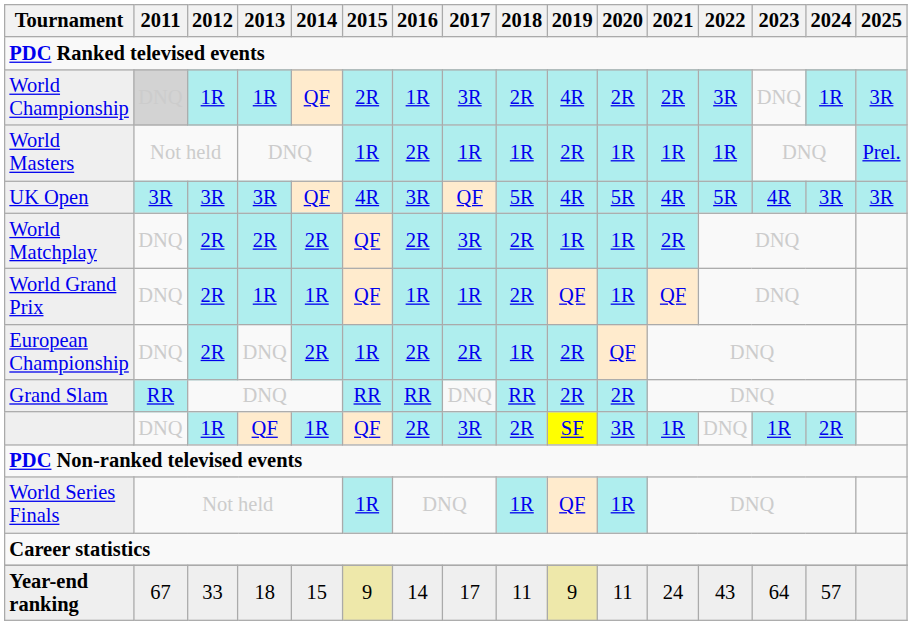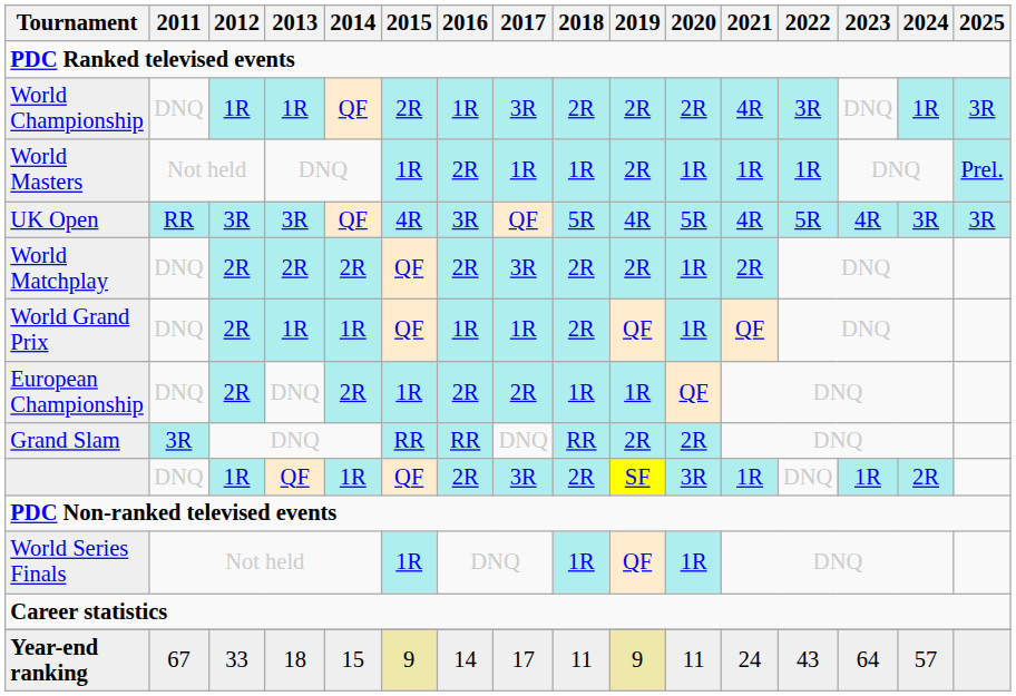 <table class="wikitable" style="width:50%; margin:0">
 <tr>
 <th>Tournament</th>
 <th>2011</th>
 <th>2012</th>
 <th>2013</th>
 <th>2014</th>
 <th>2015</th>
 <th>2016</th>
 <th>2017</th>
 <th>2018</th>
 <th>2019</th>
 <th>2020</th>
 <th>2021</th>
 <th>2022</th>
 <th>2023</th>
 <th>2024</th>
 <th>2025</th>
 </tr>
 <tr>
 <td colspan="31" align="left"><strong><a href='#'>PDC</a> Ranked televised events</strong></td>
 </tr>
 <tr>
 <td style="background:#efefef;"><a href='#'>World Championship</a></td>
-<td style="background: lightgrey; text-align:center; color:#ccc;">DNQ</td>
+<td style="text-align:center; color:#ccc;">DNQ</td>
 <td style="text-align:center; background:#afeeee;"><a href='#'>1R</a></td>
 <td style="text-align:center; background:#afeeee;"><a href='#'>1R</a></td>
 <td style="text-align:center; background:#ffebcd;"><a href='#'>QF</a></td>
 <td style="text-align:center; background:#afeeee;"><a href='#'>2R</a></td>
 <td style="text-align:center; background:#afeeee;"><a href='#'>1R</a></td>
 <td style="text-align:center; background:#afeeee;"><a href='#'>3R</a></td>
 <td style="text-align:center; background:#afeeee;"><a href='#'>2R</a></td>
-<td style="text-align:center; background:#afeeee;"><a href='#'>4R</a></td>
 <td style="text-align:center; background:#afeeee;"><a href='#'>2R</a></td>
 <td style="text-align:center; background:#afeeee;"><a href='#'>2R</a></td>
+<td style="text-align:center; background:#afeeee;"><a href='#'>4R</a></td>
 <td style="text-align:center; background:#afeeee;"><a href='#'>3R</a></td>
 <td style="text-align:center; color:#ccc;">DNQ</td>
 <td style="text-align:center; background:#afeeee;"><a href='#'>1R</a></td>
 <td style="text-align:center; background:#afeeee;"><a href='#'>3R</a></td>
 </tr>
 <tr>
 <td style="background:#efefef;"><a href='#'>World Masters</a></td>
 <td colspan="2" style="text-align:center; color:#ccc;">Not held</td>
 <td colspan="2" style="text-align:center; color:#ccc;">DNQ</td>
 <td style="text-align:center; background:#afeeee;"><a href='#'>1R</a></td>
 <td style="text-align:center; background:#afeeee;"><a href='#'>2R</a></td>
 <td style="text-align:center; background:#afeeee;"><a href='#'>1R</a></td>
 <td style="text-align:center; background:#afeeee;"><a href='#'>1R</a></td>
 <td style="text-align:center; background:#afeeee;"><a href='#'>2R</a></td>
 <td style="text-align:center; background:#afeeee;"><a href='#'>1R</a></td>
 <td style="text-align:center; background:#afeeee;"><a href='#'>1R</a></td>
 <td style="text-align:center; background:#afeeee;"><a href='#'>1R</a></td>
 <td colspan="2" style="text-align:center; color:#ccc;">DNQ</td>
 <td style="text-align:center; background:#afeeee;"><a href='#'>Prel.</a></td>
 </tr>
 <tr>
 <td style="background:#efefef;"><a href='#'>UK Open</a></td>
-<td style="text-align:center; background:#afeeee;"><a href='#'>3R</a></td>
+<td style="text-align:center; background:#afeeee;"><a href='#'>RR</a></td>
 <td style="text-align:center; background:#afeeee;"><a href='#'>3R</a></td>
 <td style="text-align:center; background:#afeeee;"><a href='#'>3R</a></td>
 <td style="text-align:center; background:#ffebcd;"><a href='#'>QF</a></td>
 <td style="text-align:center; background:#afeeee;"><a href='#'>4R</a></td>
 <td style="text-align:center; background:#afeeee;"><a href='#'>3R</a></td>
 <td style="text-align:center; background:#ffebcd;"><a href='#'>QF</a></td>
 <td style="text-align:center; background:#afeeee;"><a href='#'>5R</a></td>
 <td style="text-align:center; background:#afeeee;"><a href='#'>4R</a></td>
 <td style="text-align:center; background:#afeeee;"><a href='#'>5R</a></td>
 <td style="text-align:center; background:#afeeee;"><a href='#'>4R</a></td>
 <td style="text-align:center; background:#afeeee;"><a href='#'>5R</a></td>
 <td style="text-align:center; background:#afeeee;"><a href='#'>4R</a></td>
 <td style="text-align:center; background:#afeeee;"><a href='#'>3R</a></td>
 <td style="text-align:center; background:#afeeee;"><a href='#'>3R</a></td>
 </tr>
 <tr>
 <td style="background:#efefef;"><a href='#'>World Matchplay</a></td>
 <td style="text-align:center; color:#ccc;">DNQ</td>
 <td style="text-align:center; background:#afeeee;"><a href='#'>2R</a></td>
 <td style="text-align:center; background:#afeeee;"><a href='#'>2R</a></td>
 <td style="text-align:center; background:#afeeee;"><a href='#'>2R</a></td>
 <td style="text-align:center; background:#ffebcd;"><a href='#'>QF</a></td>
 <td style="text-align:center; background:#afeeee;"><a href='#'>2R</a></td>
 <td style="text-align:center; background:#afeeee;"><a href='#'>3R</a></td>
 <td style="text-align:center; background:#afeeee;"><a href='#'>2R</a></td>
-<td style="text-align:center; background:#afeeee;"><a href='#'>1R</a></td>
+<td style="text-align:center; background:#afeeee;"><a href='#'>2R</a></td>
 <td style="text-align:center; background:#afeeee;"><a href='#'>1R</a></td>
 <td style="text-align:center; background:#afeeee;"><a href='#'>2R</a></td>
 <td colspan="3" style="text-align:center; color:#ccc;">DNQ</td>
 <td></td>
 </tr>
 <tr>
 <td style="background:#efefef;"><a href='#'>World Grand Prix</a></td>
 <td style="text-align:center; color:#ccc;">DNQ</td>
 <td style="text-align:center; background:#afeeee;"><a href='#'>2R</a></td>
 <td style="text-align:center; background:#afeeee;"><a href='#'>1R</a></td>
 <td style="text-align:center; background:#afeeee;"><a href='#'>1R</a></td>
 <td style="text-align:center; background:#ffebcd;"><a href='#'>QF</a></td>
 <td style="text-align:center; background:#afeeee;"><a href='#'>1R</a></td>
 <td style="text-align:center; background:#afeeee;"><a href='#'>1R</a></td>
 <td style="text-align:center; background:#afeeee;"><a href='#'>2R</a></td>
 <td style="text-align:center; background:#ffebcd;"><a href='#'>QF</a></td>
 <td style="text-align:center; background:#afeeee;"><a href='#'>1R</a></td>
 <td style="text-align:center; background:#ffebcd;"><a href='#'>QF</a></td>
 <td colspan="3" style="text-align:center; color:#ccc;">DNQ</td>
 <td></td>
 </tr>
 <tr>
 <td style="background:#efefef;"><a href='#'>European Championship</a></td>
 <td style="text-align:center; color:#ccc;">DNQ</td>
 <td style="text-align:center; background:#afeeee;"><a href='#'>2R</a></td>
 <td style="text-align:center; color:#ccc;">DNQ</td>
 <td style="text-align:center; background:#afeeee;"><a href='#'>2R</a></td>
 <td style="text-align:center; background:#afeeee;"><a href='#'>1R</a></td>
 <td style="text-align:center; background:#afeeee;"><a href='#'>2R</a></td>
 <td style="text-align:center; background:#afeeee;"><a href='#'>2R</a></td>
 <td style="text-align:center; background:#afeeee;"><a href='#'>1R</a></td>
-<td style="text-align:center; background:#afeeee;"><a href='#'>2R</a></td>
+<td style="text-align:center; background:#afeeee;"><a href='#'>1R</a></td>
 <td style="text-align:center; background:#ffebcd;"><a href='#'>QF</a></td>
 <td colspan="4" style="text-align:center; color:#ccc;">DNQ</td>
 <td></td>
 </tr>
 <tr>
 <td style="background:#efefef;"><a href='#'>Grand Slam</a></td>
-<td style="text-align:center; background:#afeeee;"><a href='#'>RR</a></td>
+<td style="text-align:center; background:#afeeee;"><a href='#'>3R</a></td>
 <td colspan="3" style="text-align:center; color:#ccc;">DNQ</td>
 <td style="text-align:center; background:#afeeee;"><a href='#'>RR</a></td>
 <td style="text-align:center; background:#afeeee;"><a href='#'>RR</a></td>
 <td style="text-align:center; color:#ccc;">DNQ</td>
 <td style="text-align:center; background:#afeeee;"><a href='#'>RR</a></td>
 <td style="text-align:center; background:#afeeee;"><a href='#'>2R</a></td>
 <td style="text-align:center; background:#afeeee;"><a href='#'>2R</a></td>
 <td colspan="4" style="text-align:center; color:#ccc;">DNQ</td>
 <td></td>
 </tr>
 <tr>
 <td style="background:#efefef;"></td>
 <td style="text-align:center; color:#ccc;">DNQ</td>
 <td style="text-align:center; background:#afeeee;"><a href='#'>1R</a></td>
 <td style="text-align:center; background:#ffebcd;"><a href='#'>QF</a></td>
 <td style="text-align:center; background:#afeeee;"><a href='#'>1R</a></td>
 <td style="text-align:center; background:#ffebcd;"><a href='#'>QF</a></td>
 <td style="text-align:center; background:#afeeee;"><a href='#'>2R</a></td>
 <td style="text-align:center; background:#afeeee;"><a href='#'>3R</a></td>
 <td style="text-align:center; background:#afeeee;"><a href='#'>2R</a></td>
 <td align="center" style="background:yellow;"><a href='#'>SF</a></td>
 <td style="text-align:center; background:#afeeee;"><a href='#'>3R</a></td>
 <td style="text-align:center; background:#afeeee;"><a href='#'>1R</a></td>
 <td style="text-align:center; color:#ccc;">DNQ</td>
 <td style="text-align:center; background:#afeeee;"><a href='#'>1R</a></td>
 <td style="text-align:center; background:#afeeee;"><a href='#'>2R</a></td>
 <td></td>
 </tr>
 <tr>
 <td colspan="29" align="left"><strong><a href='#'>PDC</a> Non-ranked televised events</strong></td>
 </tr>
 <tr>
 <td style="background:#efefef;" align=left><a href='#'>World Series Finals</a></td>
 <td colspan="4" style="text-align:center; color:#ccc;">Not held</td>
 <td style="text-align:center; background:#afeeee;"><a href='#'>1R</a></td>
 <td colspan="2" style="text-align:center; color:#ccc;">DNQ</td>
 <td style="text-align:center; background:#afeeee;"><a href='#'>1R</a></td>
 <td style="text-align:center; background:#ffebcd;"><a href='#'>QF</a></td>
 <td style="text-align:center; background:#afeeee;"><a href='#'>1R</a></td>
 <td colspan="4" style="text-align:center; color:#ccc;">DNQ</td>
 <td></td>
 </tr>
 <tr>
 <td colspan="35" align="left"><strong>Career statistics</strong></td>
 </tr>
 <tr>
 </tr>
 <tr bgcolor="efefef">
 <td align="left"><strong>Year-end ranking</strong></td>
 <td style="text-align:center;">67</td>
 <td style="text-align:center;">33</td>
 <td style="text-align:center;">18</td>
 <td style="text-align:center;">15</td>
 <td style="text-align:center; background:#eee8aa;">9</td>
 <td style="text-align:center;">14</td>
 <td style="text-align:center;">17</td>
 <td style="text-align:center;">11</td>
 <td style="text-align:center; background:#eee8aa;">9</td>
 <td style="text-align:center;">11</td>
 <td style="text-align:center;">24</td>
 <td style="text-align:center;">43</td>
 <td style="text-align:center;">64</td>
 <td style="text-align:center;">57</td>
 <td></td>
 </tr>
 </table>
